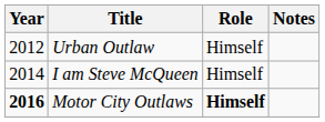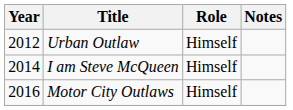 <table class="wikitable sortable">
 <tr>
 <th>Year</th>
 <th>Title</th>
 <th>Role</th>
 <th class="unsortable">Notes</th>
 </tr>
 <tr>
 <td>2012</td>
 <td><em>Urban Outlaw</em></td>
 <td>Himself</td>
 <td></td>
 </tr>
 <tr>
 <td>2014</td>
 <td><em>I am Steve McQueen</em></td>
 <td>Himself</td>
 <td></td>
 </tr>
 <tr>
-<td><strong>2016</strong></td>
+<td>2016</td>
 <td><em>Motor City Outlaws</em></td>
-<td><strong>Himself</strong></td>
+<td>Himself</td>
 <td></td>
 </tr>
 <tr>
 </tr>
 </table>
